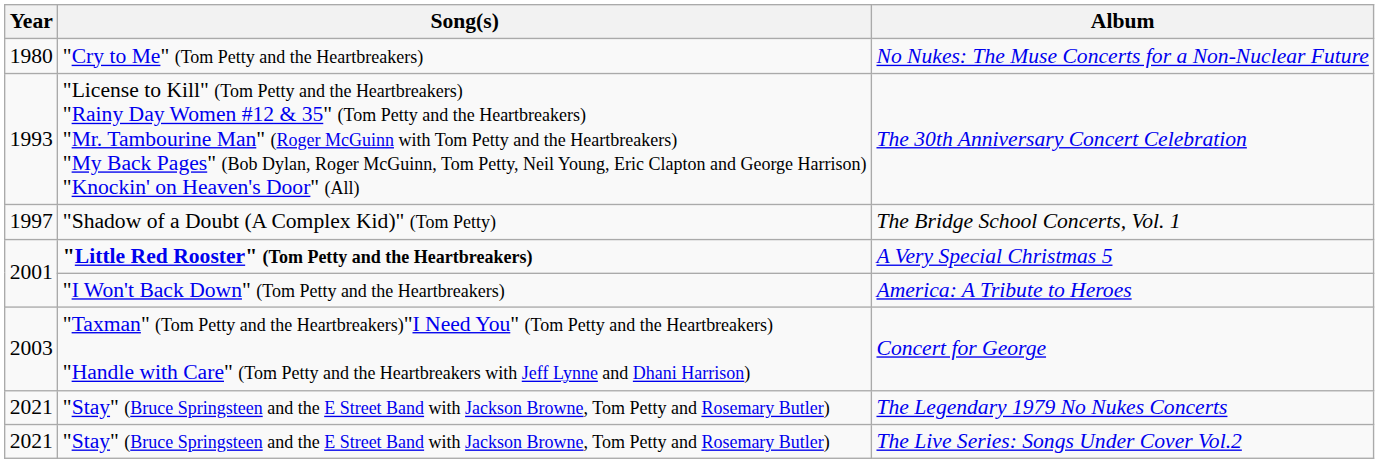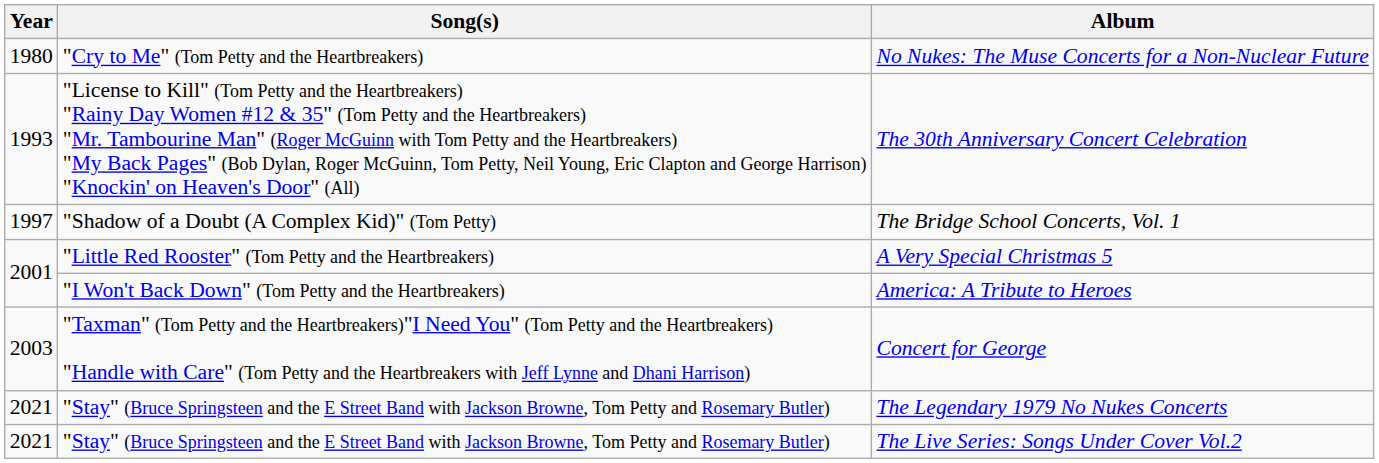 <table class="wikitable">
 <tr>
 <th>Year</th>
 <th>Song(s)</th>
 <th>Album</th>
 </tr>
 <tr>
 <td>1980</td>
 <td>"<a href='#'>Cry to Me</a>" <small>(Tom Petty and the Heartbreakers)</small></td>
 <td><em><a href='#'>No Nukes: The Muse Concerts for a Non-Nuclear Future</a></em></td>
 </tr>
 <tr>
 <td>1993</td>
 <td>"License to Kill" <small>(Tom Petty and the Heartbreakers)</small><br>"<a href='#'>Rainy Day Women #12 & 35</a>" <small>(Tom Petty and the Heartbreakers)</small><br> "<a href='#'>Mr. Tambourine Man</a>" <small>(<a href='#'>Roger McGuinn</a> with Tom Petty and the Heartbreakers)</small><br> "<a href='#'>My Back Pages</a>" <small>(Bob Dylan, Roger McGuinn, Tom Petty, Neil Young, Eric Clapton and George Harrison)</small><br> "<a href='#'>Knockin' on Heaven's Door</a>" <small>(All)</small></td>
 <td><em><a href='#'>The 30th Anniversary Concert Celebration</a></em></td>
 </tr>
 <tr>
 <td>1997</td>
 <td>"Shadow of a Doubt (A Complex Kid)" <small>(Tom Petty)</small></td>
 <td><em>The Bridge School Concerts, Vol. 1</em></td>
 </tr>
 <tr>
 <td rowspan="2">2001</td>
-<td><strong>"<a href='#'>Little Red Rooster</a>" <small>(Tom Petty and the Heartbreakers)</small></strong></td>
+<td>"<a href='#'>Little Red Rooster</a>" <small>(Tom Petty and the Heartbreakers)</small></td>
 <td><em><a href='#'>A Very Special Christmas 5</a></em></td>
 </tr>
 <tr>
 <td>"<a href='#'>I Won't Back Down</a>" <small>(Tom Petty and the Heartbreakers)</small></td>
 <td><em><a href='#'>America: A Tribute to Heroes</a></em></td>
 </tr>
 <tr>
 <td>2003</td>
 <td>"<a href='#'>Taxman</a>" <small>(Tom Petty and the Heartbreakers)</small>"<a href='#'>I Need You</a>" <small>(Tom Petty and the Heartbreakers)</small><br><br>"<a href='#'>Handle with Care</a>" <small>(Tom Petty and the Heartbreakers with <a href='#'>Jeff Lynne</a> and <a href='#'>Dhani Harrison</a>)</small></td>
 <td><em><a href='#'>Concert for George</a></em></td>
 </tr>
 <tr>
 <td>2021</td>
 <td>"<a href='#'>Stay</a>" <small>(<a href='#'>Bruce Springsteen</a> and the <a href='#'>E Street Band</a> with <a href='#'>Jackson Browne</a>, Tom Petty and <a href='#'>Rosemary Butler</a>)</small></td>
 <td><em><a href='#'>The Legendary 1979 No Nukes Concerts</a></em></td>
 </tr>
 <tr>
 <td>2021</td>
 <td>"<a href='#'>Stay</a>" <small>(<a href='#'>Bruce Springsteen</a> and the <a href='#'>E Street Band</a> with <a href='#'>Jackson Browne</a>, Tom Petty and <a href='#'>Rosemary Butler</a>)</small></td>
 <td><em><a href='#'>The Live Series: Songs Under Cover Vol.2</a></em></td>
 </tr>
 </table>
